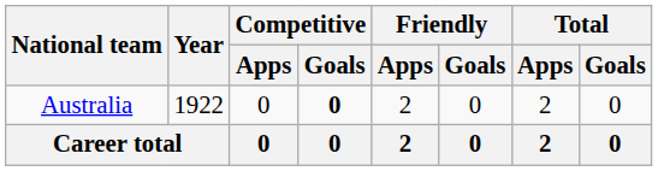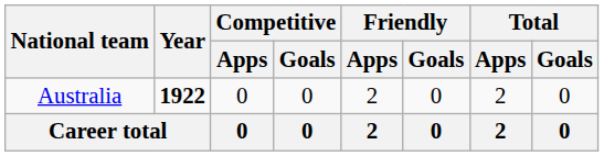 <table class="wikitable" style="text-align:center">
 <tr>
 <th rowspan="2">National team</th>
 <th rowspan="2">Year</th>
 <th colspan="2">Competitive</th>
 <th colspan="2">Friendly</th>
 <th colspan="2">Total</th>
 </tr>
 <tr>
 <th>Apps</th>
 <th>Goals</th>
 <th>Apps</th>
 <th>Goals</th>
 <th>Apps</th>
 <th>Goals</th>
 </tr>
 <tr>
 <td rowspan="1"><a href='#'>Australia</a></td>
-<td>1922</td>
+<td><strong>1922</strong></td>
 <td>0</td>
-<td><strong>0</strong></td>
+<td>0</td>
 <td>2</td>
 <td>0</td>
 <td>2</td>
 <td>0</td>
 </tr>
 <tr>
 <th colspan="2">Career total</th>
 <th>0</th>
 <th>0</th>
 <th>2</th>
 <th>0</th>
 <th>2</th>
 <th>0</th>
 </tr>
 </table>
